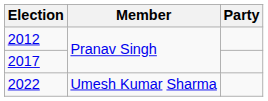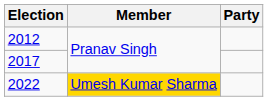 <table class="wikitable sortable">
 <tr>
 <th>Election</th>
 <th>Member</th>
 <th colspan=2>Party</th>
 </tr>
 <tr>
 <td><a href='#'>2012</a></td>
 <td rowspan=2><a href='#'>Pranav Singh</a></td>
 <td></td>
 </tr>
 <tr>
 <td><a href='#'>2017</a></td>
 <td></td>
 </tr>
 <tr>
 <td><a href='#'>2022</a></td>
-<td><a href='#'>Umesh Kumar</a> <a href='#'>Sharma</a></td>
+<td style="background: gold;"><a href='#'>Umesh Kumar</a> <a href='#'>Sharma</a></td>
 <td></td>
 </tr>
 </table>
